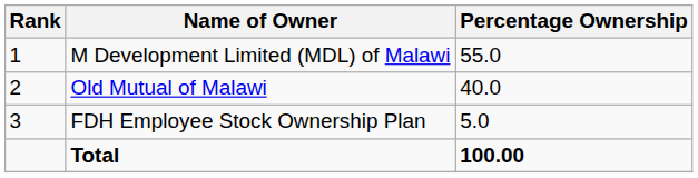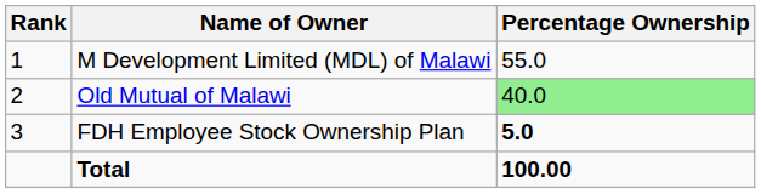 <table class="wikitable sortable" style="margin-left:auto;margin-right:auto">
 <tr>
 <th style="width:2em;">Rank</th>
 <th>Name of Owner</th>
 <th>Percentage Ownership</th>
 </tr>
 <tr>
 <td>1</td>
 <td>M Development Limited (MDL) of <a href='#'>Malawi</a></td>
 <td>55.0</td>
 </tr>
 <tr>
 <td>2</td>
 <td><a href='#'>Old Mutual of Malawi</a></td>
-<td>40.0</td>
+<td style="background: lightgreen;">40.0</td>
 </tr>
 <tr>
 <td>3</td>
 <td>FDH Employee Stock Ownership Plan</td>
-<td>5.0</td>
+<td><strong>5.0</strong></td>
 </tr>
 <tr>
 <td></td>
 <td><strong>Total</strong></td>
 <td><strong>100.00</strong></td>
 </tr>
 <tr>
 </tr>
 </table>
